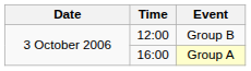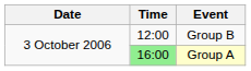 <table class = "wikitable" style="text-align:center;">
 <tr>
 <th width=150>Date</th>
 <th width=50>Time</th>
 <th width=80>Event</th>
 </tr>
 <tr>
 <td rowspan=2>3 October 2006</td>
 <td>12:00</td>
 <td>Group B</td>
 </tr>
 <tr>
-<td>16:00</td>
+<td style="background: lightgreen;">16:00</td>
 <td bgcolor=ffffcc>Group A</td>
 </tr>
 </table>
